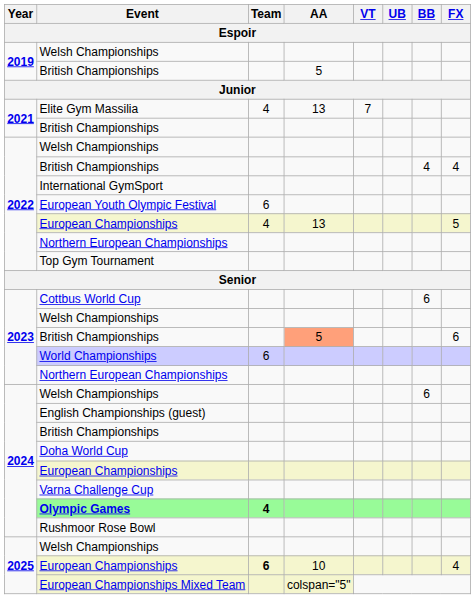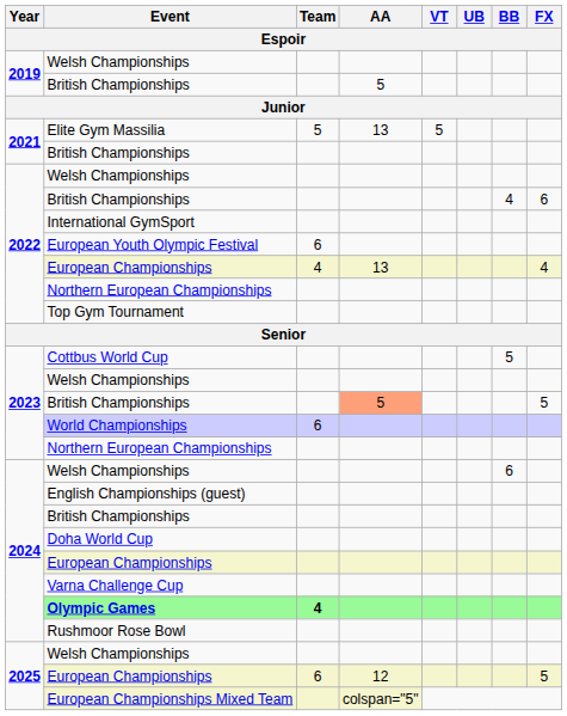 <table class="wikitable" style="text-align:center; font-size:95%;">
 <tr>
 <th align="center">Year</th>
 <th align="center">Event</th>
 <th style="width:30px;">Team</th>
 <th style="width:30px;">AA</th>
 <th style="width:30px;"><a href='#'>VT</a></th>
 <th style="width:30px;"><a href='#'>UB</a></th>
 <th style="width:30px;"><a href='#'>BB</a></th>
 <th style="width:30px;"><a href='#'>FX</a></th>
 </tr>
 <tr>
 <th colspan="8">Espoir</th>
 </tr>
 <tr>
 <td rowspan="2"><strong><a href='#'>2019</a></strong></td>
 <td align=left>Welsh Championships</td>
 <td></td>
 <td></td>
 <td></td>
 <td></td>
 <td></td>
 <td></td>
 </tr>
 <tr>
 <td align=left>British Championships</td>
 <td></td>
 <td>5</td>
 <td></td>
 <td></td>
 <td></td>
 <td></td>
 </tr>
 <tr>
 <th colspan="8">Junior</th>
 </tr>
 <tr>
 <td rowspan="2"><strong><a href='#'>2021</a></strong></td>
 <td align=left>Elite Gym Massilia</td>
-<td>4</td>
+<td>5</td>
 <td>13</td>
-<td>7</td>
+<td>5</td>
 <td></td>
 <td></td>
 <td></td>
 </tr>
 <tr>
 <td align=left>British Championships</td>
 <td></td>
 <td></td>
 <td></td>
 <td></td>
 <td></td>
 <td></td>
 </tr>
 <tr>
 <td rowspan="7"><strong><a href='#'>2022</a></strong></td>
 <td align=left>Welsh Championships</td>
 <td></td>
 <td></td>
 <td></td>
 <td></td>
 <td></td>
 <td></td>
 </tr>
 <tr>
 <td align=left>British Championships</td>
 <td></td>
 <td></td>
 <td></td>
 <td></td>
 <td>4</td>
-<td>4</td>
+<td>6</td>
 </tr>
 <tr>
 <td align=left>International GymSport</td>
 <td></td>
 <td></td>
 <td></td>
 <td></td>
 <td></td>
 <td></td>
 </tr>
 <tr>
 <td align=left><a href='#'>European Youth Olympic Festival</a></td>
 <td>6</td>
 <td></td>
 <td></td>
 <td></td>
 <td></td>
 <td></td>
 </tr>
 <tr bgcolor=#F5F6CE>
 <td align=left><a href='#'>European Championships</a></td>
 <td>4</td>
 <td>13</td>
 <td></td>
 <td></td>
 <td></td>
-<td>5</td>
+<td>4</td>
 </tr>
 <tr>
 <td align=left><a href='#'>Northern European Championships</a></td>
 <td></td>
 <td></td>
 <td></td>
 <td></td>
 <td></td>
 <td></td>
 </tr>
 <tr>
 <td align=left>Top Gym Tournament</td>
 <td></td>
 <td></td>
 <td></td>
 <td></td>
 <td></td>
 <td></td>
 </tr>
 <tr>
 <th colspan="8">Senior</th>
 </tr>
 <tr>
 <td rowspan="5"><strong><a href='#'>2023</a></strong></td>
 <td align=left><a href='#'>Cottbus World Cup</a></td>
 <td></td>
 <td></td>
 <td></td>
 <td></td>
-<td>6</td>
+<td>5</td>
 <td></td>
 </tr>
 <tr>
 <td align=left>Welsh Championships</td>
 <td></td>
 <td></td>
 <td></td>
 <td></td>
 <td></td>
 <td></td>
 </tr>
 <tr>
 <td align=left>British Championships</td>
 <td></td>
 <td style="background: lightsalmon;">5</td>
 <td></td>
 <td></td>
 <td></td>
-<td>6</td>
+<td>5</td>
 </tr>
 <tr bgcolor=#CCCCFF>
 <td align=left><a href='#'>World Championships</a></td>
 <td>6</td>
 <td></td>
 <td></td>
 <td></td>
 <td></td>
 <td></td>
 </tr>
 <tr>
 <td align=left><a href='#'>Northern European Championships</a></td>
 <td></td>
 <td></td>
 <td></td>
 <td></td>
 <td></td>
 <td></td>
 </tr>
 <tr>
 <td rowspan="8"><strong><a href='#'>2024</a></strong></td>
 <td align=left>Welsh Championships</td>
 <td></td>
 <td></td>
 <td></td>
 <td></td>
 <td>6</td>
 <td></td>
 </tr>
 <tr>
 <td align=left>English Championships (guest)</td>
 <td></td>
 <td></td>
 <td></td>
 <td></td>
 <td></td>
 <td></td>
 </tr>
 <tr>
 <td align=left>British Championships</td>
 <td></td>
 <td></td>
 <td></td>
 <td></td>
 <td></td>
 <td></td>
 </tr>
 <tr>
 <td align=left><a href='#'>Doha World Cup</a></td>
 <td></td>
 <td></td>
 <td></td>
 <td></td>
 <td></td>
 <td></td>
 </tr>
 <tr bgcolor=#F5F6CE>
 <td align=left><a href='#'>European Championships</a></td>
 <td></td>
 <td></td>
 <td></td>
 <td></td>
 <td></td>
 <td></td>
 </tr>
 <tr>
 <td align=left><a href='#'>Varna Challenge Cup</a></td>
 <td></td>
 <td></td>
 <td></td>
 <td></td>
 <td></td>
 <td></td>
 </tr>
 <tr bgcolor=98FB98>
 <td align=left><strong><a href='#'>Olympic Games</a></strong></td>
 <td><strong>4</strong></td>
 <td></td>
 <td></td>
 <td></td>
 <td></td>
 <td></td>
 </tr>
 <tr>
 <td align=left>Rushmoor Rose Bowl</td>
 <td></td>
 <td></td>
 <td></td>
 <td></td>
 <td></td>
 <td></td>
 </tr>
 <tr>
 <td rowspan="3"><strong><a href='#'>2025</a></strong></td>
 <td align=left>Welsh Championships</td>
 <td></td>
 <td></td>
 <td></td>
 <td></td>
 <td></td>
 <td></td>
 </tr>
 <tr bgcolor=#F5F6CE>
 <td align=left><a href='#'>European Championships</a></td>
-<td><strong>6</strong></td>
-<td>10</td>
+<td>6</td>
+<td>12</td>
 <td></td>
 <td></td>
 <td></td>
-<td>4</td>
+<td>5</td>
 </tr>
 <tr bgcolor=#F5F6CE>
 <td align=left><a href='#'>European Championships Mixed Team</a></td>
 <td></td>
 <td>colspan="5" </td>
 </tr>
 </table>
